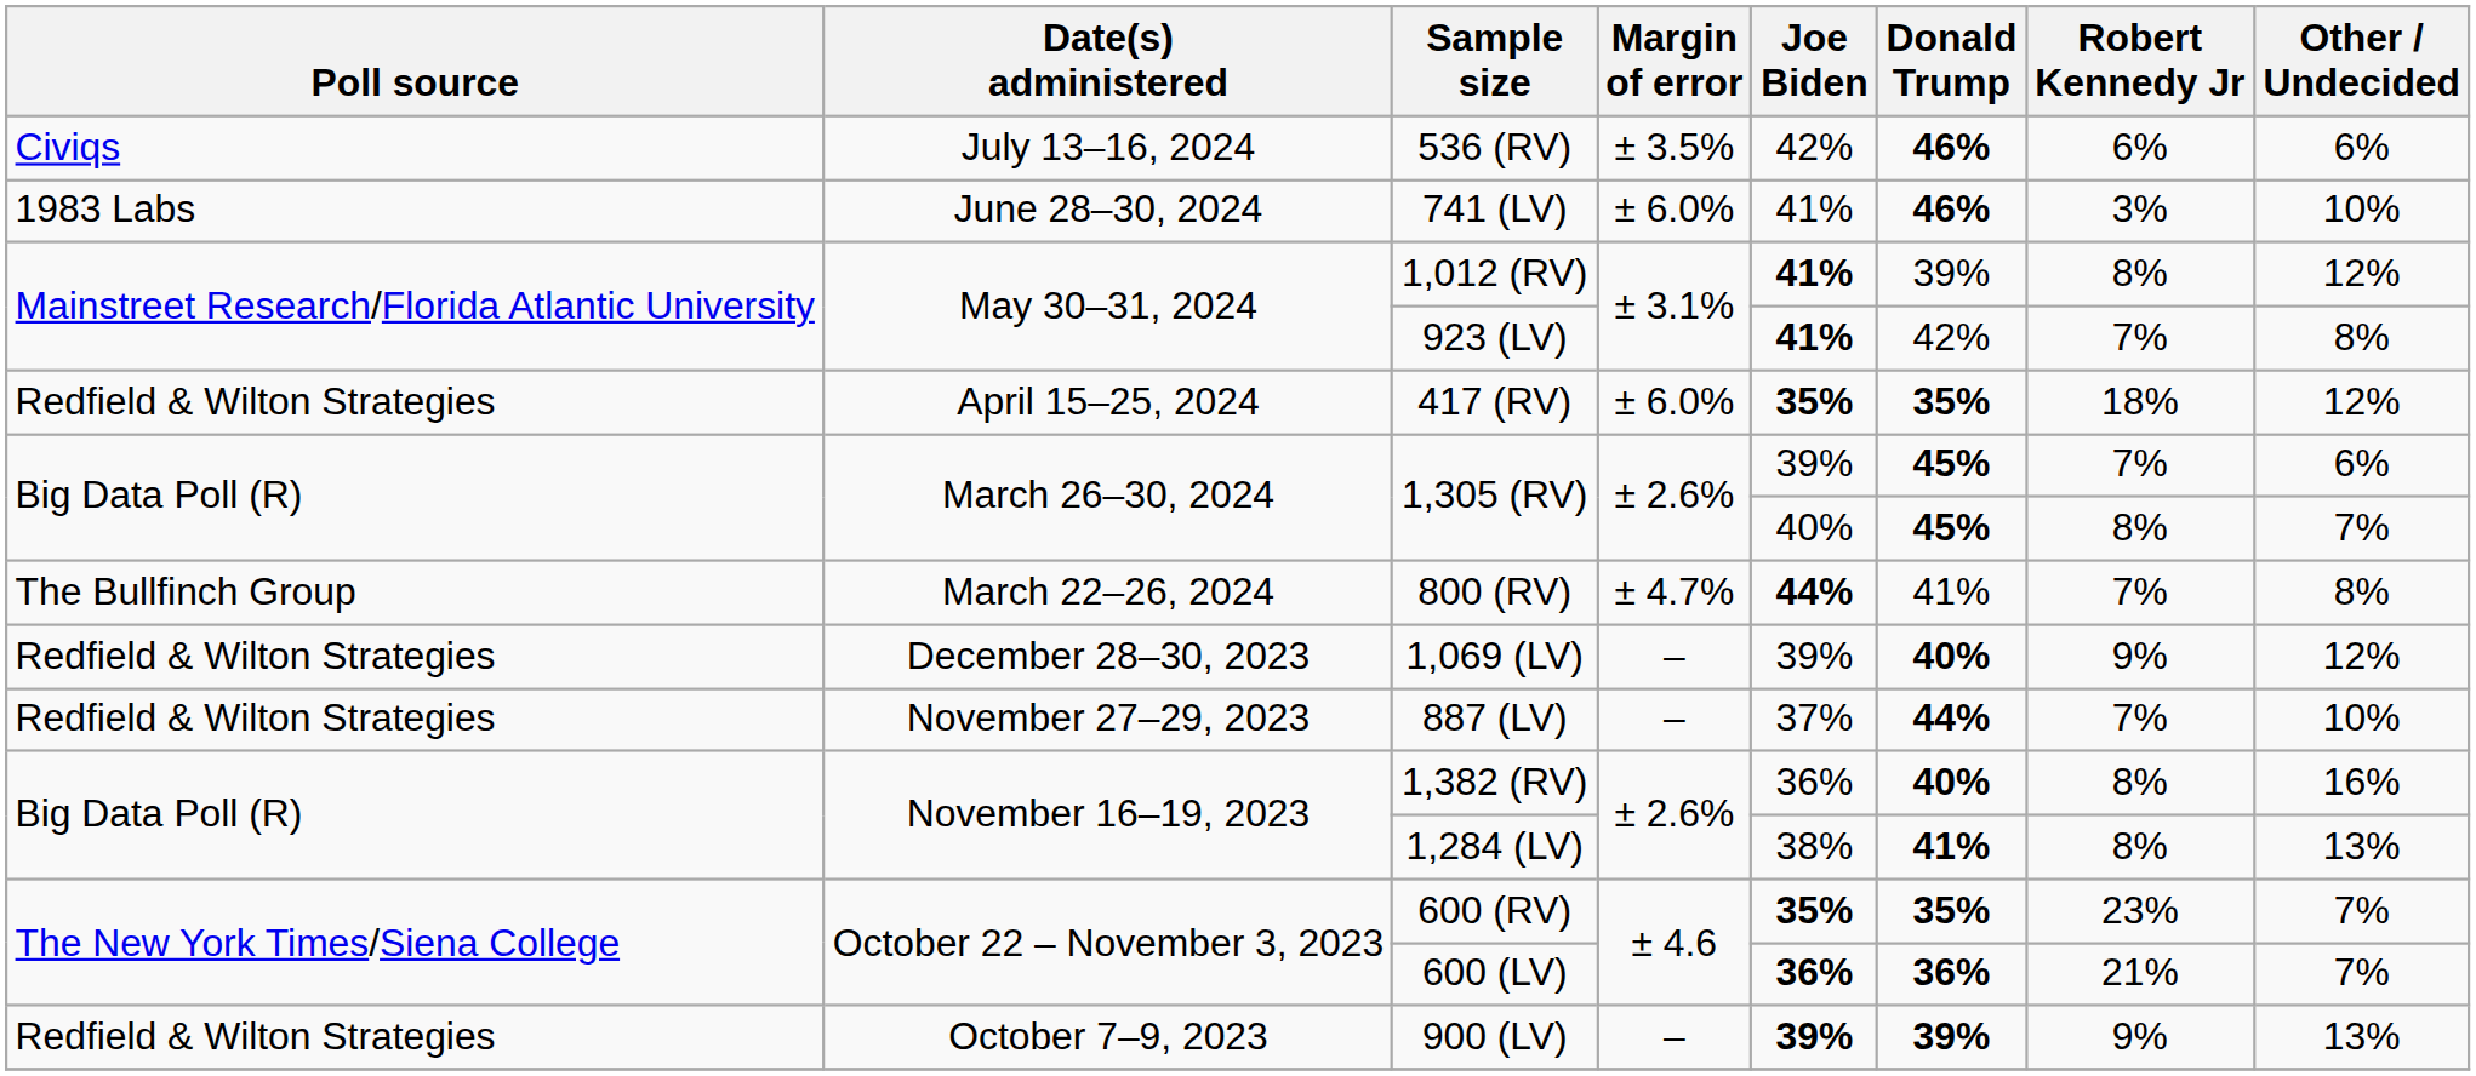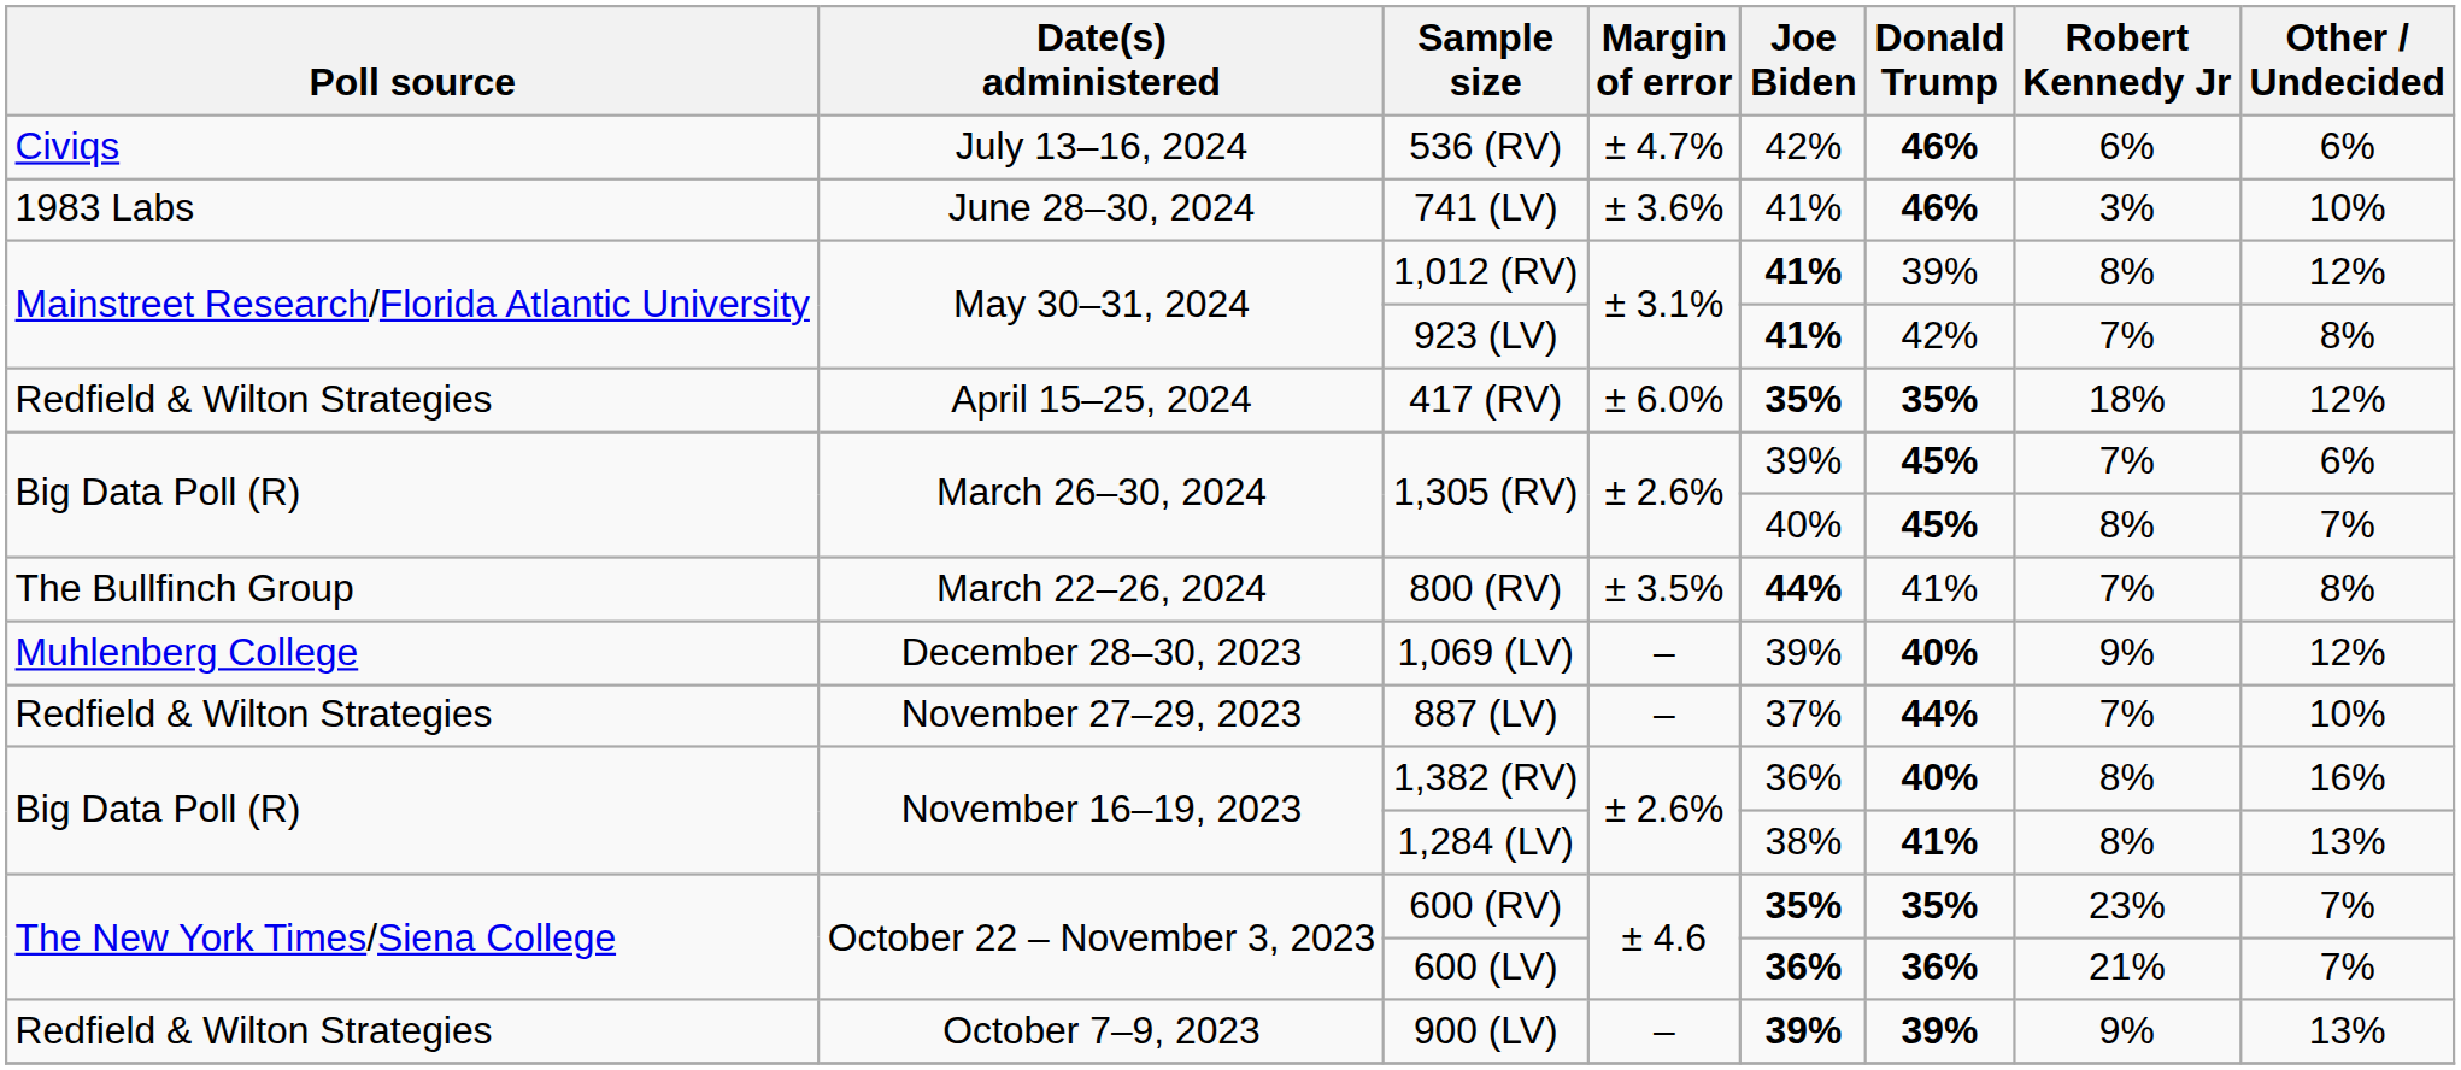 <table class="wikitable sortable mw-datatable" style="font-size:90%;text-align:center;line-height:17px">
 <tr valign=bottom>
 <th>Poll source</th>
 <th>Date(s)<br>administered</th>
 <th>Sample<br>size</th>
 <th>Margin<br>of error</th>
 <th class="unsortable">Joe<br>Biden<br></th>
 <th class="unsortable">Donald<br>Trump<br></th>
 <th class="unsortable">Robert<br>Kennedy Jr<br></th>
 <th class="unsortable">Other /<br>Undecided</th>
 </tr>
 <tr>
 <td style="text-align:left;"><a href='#'>Civiqs</a></td>
 <td data-sort-value="2024-07-19">July 13–16, 2024</td>
 <td>536 (RV)</td>
-<td>± 3.5%</td>
+<td>± 4.7%</td>
 <td>42%</td>
 <td style="background-color:"><strong>46%</strong></td>
 <td>6%</td>
 <td>6%</td>
 </tr>
 <tr>
 <td style="text-align:left;">1983 Labs</td>
 <td data-sort-value="2024-07-03">June 28–30, 2024</td>
 <td>741 (LV)</td>
-<td>± 6.0%</td>
+<td>± 3.6%</td>
 <td>41%</td>
 <td style="background-color:"><strong>46%</strong></td>
 <td>3%</td>
 <td>10%</td>
 </tr>
 <tr>
 <td style="text-align:left;" rowspan="2"><a href='#'>Mainstreet Research</a>/<a href='#'>Florida Atlantic University</a></td>
 <td rowspan="2">May 30–31, 2024</td>
 <td>1,012 (RV)</td>
 <td rowspan="2">± 3.1%</td>
 <td style="color:black;background-color:"><strong>41%</strong></td>
 <td>39%</td>
 <td>8%</td>
 <td>12%</td>
 </tr>
 <tr>
 <td>923 (LV)</td>
 <td style="color:black;background-color:"><strong>41%</strong></td>
 <td>42%</td>
 <td>7%</td>
 <td>8%</td>
 </tr>
 <tr>
 <td style="text-align:left;">Redfield & Wilton Strategies</td>
 <td data-sort-value="2024-05-07">April 15–25, 2024</td>
 <td>417 (RV)</td>
 <td>± 6.0%</td>
 <td><strong>35%</strong></td>
 <td><strong>35%</strong></td>
 <td>18%</td>
 <td>12%</td>
 </tr>
 <tr>
 <td style="text-align:left;" rowspan="2">Big Data Poll (R)</td>
 <td rowspan="2">March 26–30, 2024</td>
 <td rowspan="2">1,305 (RV)</td>
 <td rowspan="2">± 2.6%</td>
 <td>39%</td>
 <td style="background-color:"><strong>45%</strong></td>
 <td>7%</td>
 <td>6%</td>
 </tr>
 <tr>
 <td>40%</td>
 <td style="background-color:"><strong>45%</strong></td>
 <td>8%</td>
 <td>7%</td>
 </tr>
 <tr>
 <td style="text-align:left;">The Bullfinch Group</td>
 <td data-sort-value="2024-04-09">March 22–26, 2024</td>
 <td>800 (RV)</td>
-<td>± 4.7%</td>
+<td>± 3.5%</td>
 <td style="color:black;background-color:"><strong>44%</strong></td>
 <td>41%</td>
 <td>7%</td>
 <td>8%</td>
 </tr>
 <tr>
-<td style="text-align:left;">Redfield & Wilton Strategies</td>
+<td style="text-align:left;"><a href='#'>Muhlenberg College</a></td>
 <td data-sort-value="2024-01-08">December 28–30, 2023</td>
 <td>1,069 (LV)</td>
 <td>–</td>
 <td>39%</td>
 <td style="background-color:"><strong>40%</strong></td>
 <td>9%</td>
 <td>12%</td>
 </tr>
 <tr>
 <td style="text-align:left;">Redfield & Wilton Strategies</td>
 <td data-sort-value="2023-12-05">November 27–29, 2023</td>
 <td>887 (LV)</td>
 <td>–</td>
 <td>37%</td>
 <td style="background-color:"><strong>44%</strong></td>
 <td>7%</td>
 <td>10%</td>
 </tr>
 <tr>
 <td style="text-align:left;" rowspan="2">Big Data Poll (R)</td>
 <td rowspan="2">November 16–19, 2023</td>
 <td>1,382 (RV)</td>
 <td rowspan="2">± 2.6%</td>
 <td>36%</td>
 <td style="background-color:"><strong>40%</strong></td>
 <td>8%</td>
 <td>16%</td>
 </tr>
 <tr>
 <td>1,284 (LV)</td>
 <td>38%</td>
 <td style="background-color:"><strong>41%</strong></td>
 <td>8%</td>
 <td>13%</td>
 </tr>
 <tr>
 <td style="text-align:left;" rowspan="2"><a href='#'>The New York Times</a>/<a href='#'>Siena College</a></td>
 <td rowspan="2">October 22 – November 3, 2023</td>
 <td>600 (RV)</td>
 <td rowspan="2">± 4.6</td>
 <td><strong>35%</strong></td>
 <td><strong>35%</strong></td>
 <td>23%</td>
 <td>7%</td>
 </tr>
 <tr>
 <td>600 (LV)</td>
 <td><strong>36%</strong></td>
 <td><strong>36%</strong></td>
 <td>21%</td>
 <td>7%</td>
 </tr>
 <tr>
 <td style="text-align:left;">Redfield & Wilton Strategies</td>
 <td data-sort-value="2023-10-15">October 7–9, 2023</td>
 <td>900 (LV)</td>
 <td>–</td>
 <td><strong>39%</strong></td>
 <td><strong>39%</strong></td>
 <td>9%</td>
 <td>13%</td>
 </tr>
 <tr>
 </tr>
 </table>
